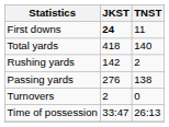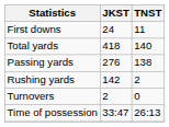 <table class="wikitable">
 <tr>
 <th>Statistics</th>
 <th>JKST</th>
 <th>TNST</th>
 </tr>
 <tr>
 <td>First downs</td>
-<td><strong>24</strong></td>
+<td>24</td>
 <td>11</td>
 </tr>
 <tr>
 <td>Total yards</td>
 <td>418</td>
 <td>140</td>
 </tr>
 <tr>
+<td>Passing yards</td>
+<td>276</td>
+<td>138</td>
+</tr>
+<tr>
 <td>Rushing yards</td>
 <td>142</td>
 <td>2</td>
-</tr>
-<tr>
-<td>Passing yards</td>
-<td>276</td>
-<td>138</td>
 </tr>
 <tr>
 <td>Turnovers</td>
 <td>2</td>
 <td>0</td>
 </tr>
 <tr>
 <td>Time of possession</td>
 <td>33:47</td>
 <td>26:13</td>
 </tr>
 <tr>
 </tr>
 </table>
